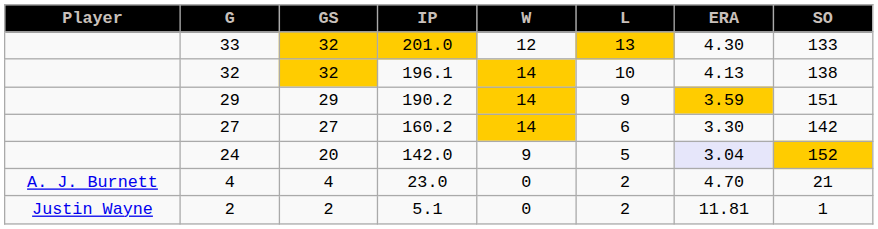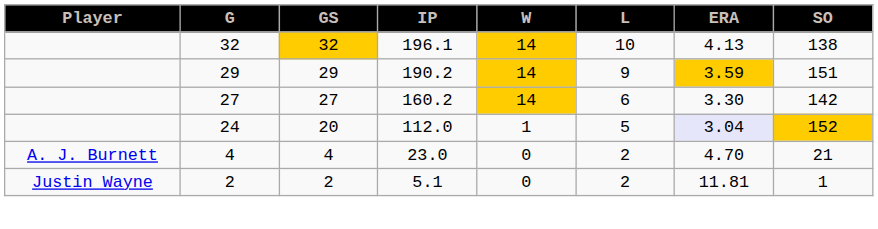 <table class="wikitable sortable">
 <tr>
 <th style="background:#000; color:#c9c0bb; width:16%;">Player</th>
 <th style="background:#000; color:#c9c0bb; width:9%;">G</th>
 <th style="background:#000; color:#c9c0bb; width:9%;">GS</th>
 <th style="background:#000; color:#c9c0bb; width:9%;">IP</th>
 <th style="background:#000; color:#c9c0bb; width:9%;">W</th>
 <th style="background:#000; color:#c9c0bb; width:9%;">L</th>
 <th style="background:#000; color:#c9c0bb; width:9%;">ERA</th>
 <th style="background:#000; color:#c9c0bb; width:9%;">SO</th>
-</tr>
-<tr style="text-align:center;">
-<td></td>
-<td>33</td>
-<td style="background:#fc0;">32</td>
-<td style="background:#fc0;">201.0</td>
-<td>12</td>
-<td style="background:#fc0;">13</td>
-<td>4.30</td>
-<td>133</td>
 </tr>
 <tr style="text-align:center;">
 <td></td>
 <td>32</td>
 <td style="background:#fc0;">32</td>
 <td>196.1</td>
 <td style="background:#fc0;">14</td>
 <td>10</td>
 <td>4.13</td>
 <td>138</td>
 </tr>
 <tr style="text-align:center;">
 <td></td>
 <td>29</td>
 <td>29</td>
 <td>190.2</td>
 <td style="background:#fc0;">14</td>
 <td>9</td>
 <td style="background:#fc0;">3.59</td>
 <td>151</td>
 </tr>
 <tr style="text-align:center;">
 <td></td>
 <td>27</td>
 <td>27</td>
 <td>160.2</td>
 <td style="background:#fc0;">14</td>
 <td>6</td>
 <td>3.30</td>
 <td>142</td>
 </tr>
 <tr style="text-align:center;">
 <td></td>
 <td>24</td>
 <td>20</td>
-<td>142.0</td>
-<td>9</td>
+<td>112.0</td>
+<td>1</td>
 <td>5</td>
 <td style="background: lavender;">3.04</td>
 <td style="background:#fc0;">152</td>
 </tr>
 <tr align="center">
 <td><a href='#'>A. J. Burnett</a></td>
 <td>4</td>
 <td>4</td>
 <td>23.0</td>
 <td>0</td>
 <td>2</td>
 <td>4.70</td>
 <td>21</td>
 </tr>
 <tr align="center">
 <td><a href='#'>Justin Wayne</a></td>
 <td>2</td>
 <td>2</td>
 <td>5.1</td>
 <td>0</td>
 <td>2</td>
 <td>11.81</td>
 <td>1</td>
 </tr>
 </table>
